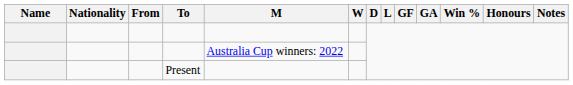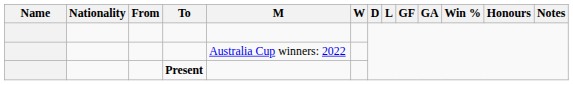 <table class="wikitable plainrowheaders sortable" style="text-align:center">
 <tr>
 <th width=11%>Name</th>
 <th width=11%>Nationality</th>
 <th>From</th>
 <th>To</th>
 <th>M</th>
 <th>W</th>
 <th>D</th>
 <th>L</th>
 <th>GF</th>
 <th>GA</th>
 <th>Win %</th>
 <th class="unsortable">Honours</th>
 <th class="unsortable">Notes</th>
 </tr>
 <tr>
 <th scope=row style=text-align:left></th>
 <td align=left></td>
 <td align=left></td>
 <td align=left><br></td>
 <td></td>
 <td></td>
 </tr>
 <tr>
 <th scope=row style=text-align:left></th>
 <td align=left></td>
 <td align=left></td>
 <td align=left><br></td>
 <td align=left><a href='#'>Australia Cup</a> winners: <a href='#'>2022</a></td>
 <td></td>
 </tr>
 <tr>
 <th scope=row style=text-align:left></th>
 <td align=left></td>
 <td align=left></td>
-<td align=left>Present<br></td>
+<td align=left><strong>Present<br></strong></td>
 <td></td>
 <td></td>
 </tr>
 </table>
